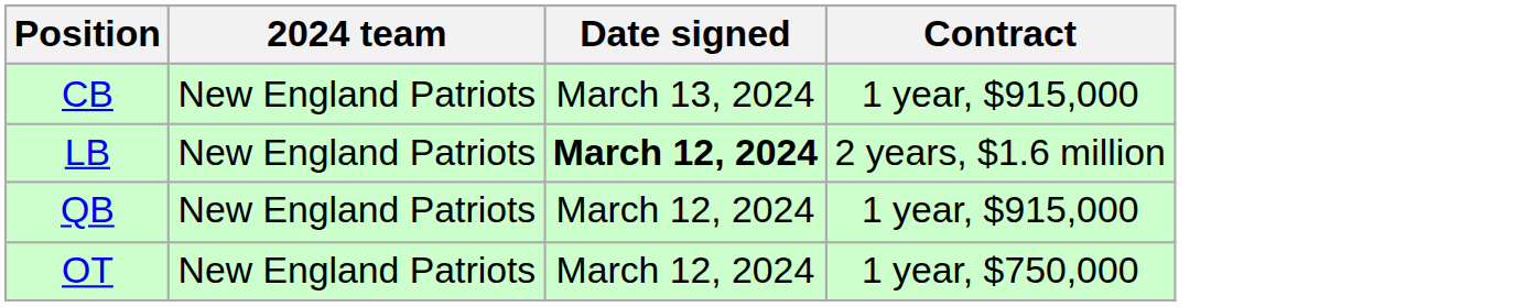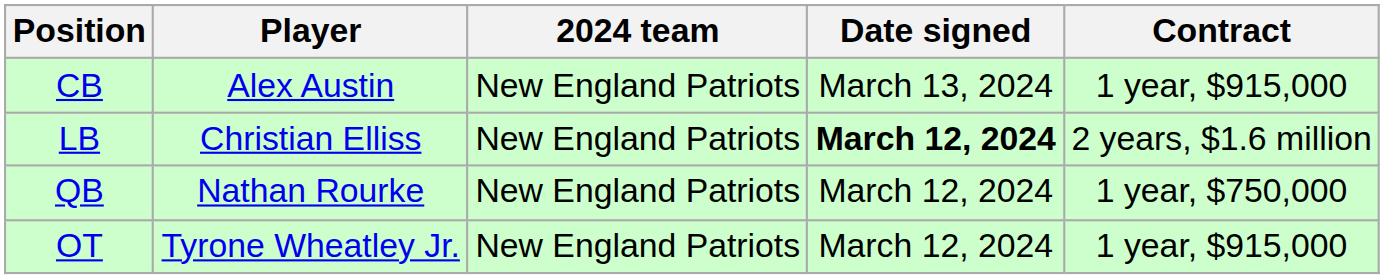 <table class="wikitable" style="text-align:center">
 <tr>
 <th>Position</th>
+<th>Player</th>
 <th>2024 team</th>
 <th>Date signed</th>
 <th>Contract</th>
 </tr>
 <tr style="background:#cfc;">
 <td><a href='#'>CB</a></td>
+<td><a href='#'>Alex Austin</a></td>
 <td>New England Patriots</td>
 <td>March 13, 2024</td>
 <td>1 year, $915,000</td>
 </tr>
 <tr style="background:#cfc;">
 <td><a href='#'>LB</a></td>
+<td><a href='#'>Christian Elliss</a></td>
 <td>New England Patriots</td>
 <td><strong>March 12, 2024</strong></td>
 <td>2 years, $1.6 million</td>
 </tr>
 <tr style="background:#cfc;">
 <td><a href='#'>QB</a></td>
+<td><a href='#'>Nathan Rourke</a></td>
+<td>New England Patriots</td>
+<td>March 12, 2024</td>
+<td>1 year, $750,000</td>
+</tr>
+<tr style="background:#cfc;">
+<td><a href='#'>OT</a></td>
+<td><a href='#'>Tyrone Wheatley Jr.</a></td>
 <td>New England Patriots</td>
 <td>March 12, 2024</td>
 <td>1 year, $915,000</td>
 </tr>
-<tr style="background:#cfc;">
-<td><a href='#'>OT</a></td>
-<td>New England Patriots</td>
-<td>March 12, 2024</td>
-<td>1 year, $750,000</td>
-</tr>
 </table>
